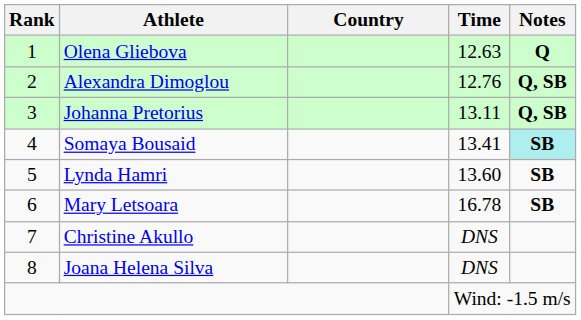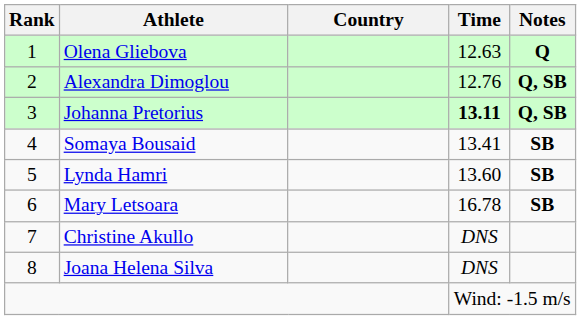 <table class="wikitable sortable" style="text-align:center">
 <tr>
 <th>Rank</th>
 <th style="width:180px">Athlete</th>
 <th style="width:125px">Country</th>
 <th>Time</th>
 <th>Notes</th>
 </tr>
 <tr style="background:#cfc;">
 <td>1</td>
 <td style="text-align:left;"><a href='#'>Olena Gliebova</a></td>
 <td style="text-align:left;"></td>
 <td>12.63</td>
 <td><strong>Q</strong></td>
 </tr>
 <tr style="background:#cfc;">
 <td>2</td>
 <td style="text-align:left;"><a href='#'>Alexandra Dimoglou</a></td>
 <td style="text-align:left;"></td>
 <td>12.76</td>
 <td><strong>Q, SB</strong></td>
 </tr>
 <tr style="background:#cfc;">
 <td>3</td>
 <td style="text-align:left;"><a href='#'>Johanna Pretorius</a></td>
 <td style="text-align:left;"></td>
-<td>13.11</td>
+<td><strong>13.11</strong></td>
 <td><strong>Q, SB</strong></td>
 </tr>
 <tr>
 <td>4</td>
 <td style="text-align:left;"><a href='#'>Somaya Bousaid</a></td>
 <td style="text-align:left;"></td>
 <td>13.41</td>
-<td style="background: paleturquoise;"><strong>SB</strong></td>
+<td><strong>SB</strong></td>
 </tr>
 <tr>
 <td>5</td>
 <td style="text-align:left;"><a href='#'>Lynda Hamri</a></td>
 <td style="text-align:left;"></td>
 <td>13.60</td>
 <td><strong>SB</strong></td>
 </tr>
 <tr>
 <td>6</td>
 <td style="text-align:left;"><a href='#'>Mary Letsoara</a></td>
 <td style="text-align:left;"></td>
 <td>16.78</td>
 <td><strong>SB</strong></td>
 </tr>
 <tr>
 <td>7</td>
 <td style="text-align:left;"><a href='#'>Christine Akullo</a></td>
 <td style="text-align:left;"></td>
 <td><em>DNS</em></td>
 <td></td>
 </tr>
 <tr>
 <td>8</td>
 <td style="text-align:left;"><a href='#'>Joana Helena Silva</a></td>
 <td style="text-align:left;"></td>
 <td><em>DNS</em></td>
 <td></td>
 </tr>
 <tr class="sortbottom">
 <td colspan="3"></td>
 <td colspan="2">Wind: -1.5 m/s</td>
 </tr>
 </table>
